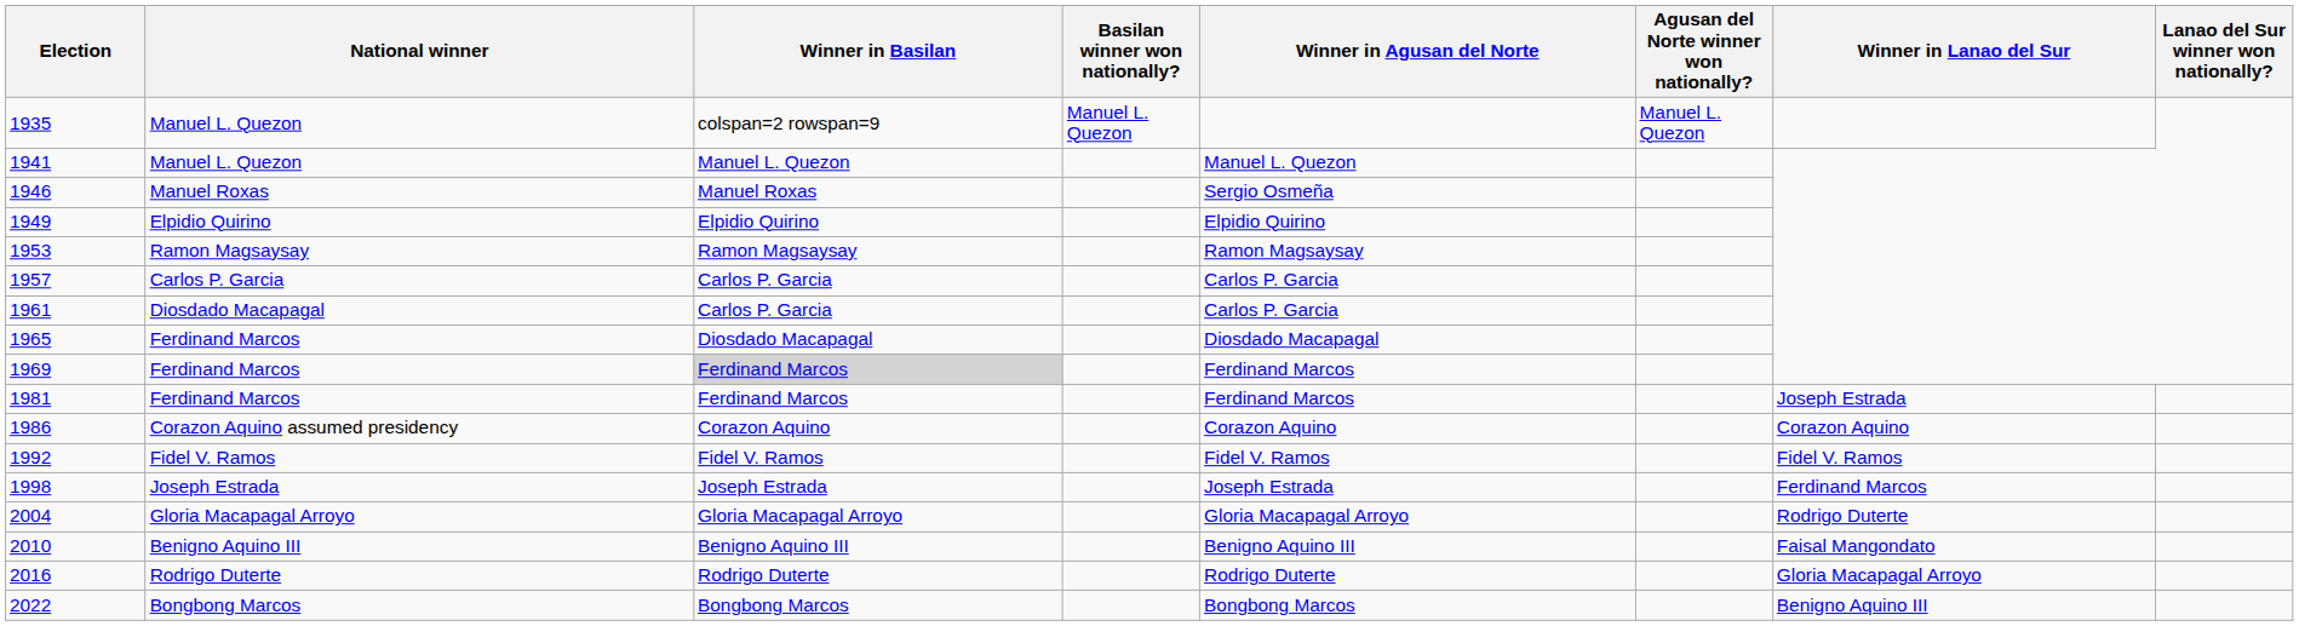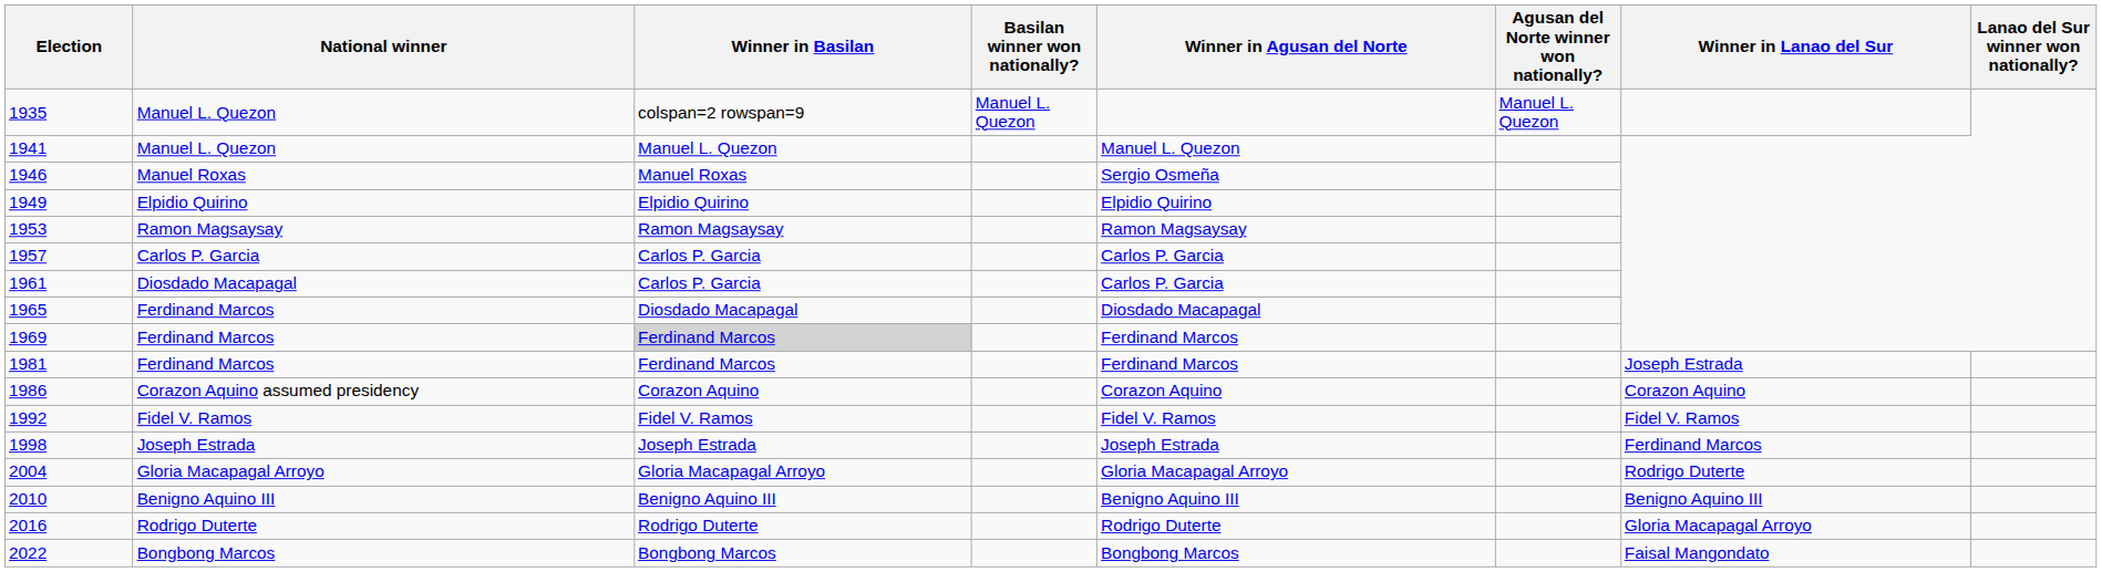 <table class="wikitable">
 <tr>
 <th>Election</th>
 <th>National winner</th>
 <th>Winner in <a href='#'>Basilan</a></th>
 <th width="6%">Basilan winner won nationally?</th>
 <th>Winner in <a href='#'>Agusan del Norte</a></th>
 <th width="6%">Agusan del Norte winner won nationally?</th>
 <th>Winner in <a href='#'>Lanao del Sur</a></th>
 <th width="6%">Lanao del Sur winner won nationally?</th>
 </tr>
 <tr>
 <td><a href='#'>1935</a></td>
 <td><a href='#'>Manuel L. Quezon</a></td>
 <td>colspan=2 rowspan=9 </td>
 <td><a href='#'>Manuel L. Quezon</a></td>
 <td></td>
 <td><a href='#'>Manuel L. Quezon</a></td>
 <td></td>
 </tr>
 <tr>
 <td><a href='#'>1941</a></td>
 <td><a href='#'>Manuel L. Quezon</a></td>
 <td><a href='#'>Manuel L. Quezon</a></td>
 <td></td>
 <td><a href='#'>Manuel L. Quezon</a></td>
 <td></td>
 </tr>
 <tr>
 <td><a href='#'>1946</a></td>
 <td><a href='#'>Manuel Roxas</a></td>
 <td><a href='#'>Manuel Roxas</a></td>
 <td></td>
 <td><a href='#'>Sergio Osmeña</a></td>
 <td></td>
 </tr>
 <tr>
 <td><a href='#'>1949</a></td>
 <td><a href='#'>Elpidio Quirino</a></td>
 <td><a href='#'>Elpidio Quirino</a></td>
 <td></td>
 <td><a href='#'>Elpidio Quirino</a></td>
 <td></td>
 </tr>
 <tr>
 <td><a href='#'>1953</a></td>
 <td><a href='#'>Ramon Magsaysay</a></td>
 <td><a href='#'>Ramon Magsaysay</a></td>
 <td></td>
 <td><a href='#'>Ramon Magsaysay</a></td>
 <td></td>
 </tr>
 <tr>
 <td><a href='#'>1957</a></td>
 <td><a href='#'>Carlos P. Garcia</a></td>
 <td><a href='#'>Carlos P. Garcia</a></td>
 <td></td>
 <td><a href='#'>Carlos P. Garcia</a></td>
 <td></td>
 </tr>
 <tr>
 <td><a href='#'>1961</a></td>
 <td><a href='#'>Diosdado Macapagal</a></td>
 <td><a href='#'>Carlos P. Garcia</a></td>
 <td></td>
 <td><a href='#'>Carlos P. Garcia</a></td>
 <td></td>
 </tr>
 <tr>
 <td><a href='#'>1965</a></td>
 <td><a href='#'>Ferdinand Marcos</a></td>
 <td><a href='#'>Diosdado Macapagal</a></td>
 <td></td>
 <td><a href='#'>Diosdado Macapagal</a></td>
 <td></td>
 </tr>
 <tr>
 <td><a href='#'>1969</a></td>
 <td><a href='#'>Ferdinand Marcos</a></td>
 <td style="background: lightgrey;"><a href='#'>Ferdinand Marcos</a></td>
 <td></td>
 <td><a href='#'>Ferdinand Marcos</a></td>
 <td></td>
 </tr>
 <tr>
 <td><a href='#'>1981</a></td>
 <td><a href='#'>Ferdinand Marcos</a></td>
 <td><a href='#'>Ferdinand Marcos</a></td>
 <td></td>
 <td><a href='#'>Ferdinand Marcos</a></td>
 <td></td>
 <td><a href='#'>Joseph Estrada</a></td>
 <td></td>
 </tr>
 <tr>
 <td><a href='#'>1986</a></td>
 <td><a href='#'>Corazon Aquino</a> assumed presidency</td>
 <td><a href='#'>Corazon Aquino</a></td>
 <td></td>
 <td><a href='#'>Corazon Aquino</a></td>
 <td></td>
 <td><a href='#'>Corazon Aquino</a></td>
 <td></td>
 </tr>
 <tr>
 <td><a href='#'>1992</a></td>
 <td><a href='#'>Fidel V. Ramos</a></td>
 <td><a href='#'>Fidel V. Ramos</a></td>
 <td></td>
 <td><a href='#'>Fidel V. Ramos</a></td>
 <td></td>
 <td><a href='#'>Fidel V. Ramos</a></td>
 <td></td>
 </tr>
 <tr>
 <td><a href='#'>1998</a></td>
 <td><a href='#'>Joseph Estrada</a></td>
 <td><a href='#'>Joseph Estrada</a></td>
 <td></td>
 <td><a href='#'>Joseph Estrada</a></td>
 <td></td>
 <td><a href='#'>Ferdinand Marcos</a></td>
 <td></td>
 </tr>
 <tr>
 <td><a href='#'>2004</a></td>
 <td><a href='#'>Gloria Macapagal Arroyo</a></td>
 <td><a href='#'>Gloria Macapagal Arroyo</a></td>
 <td></td>
 <td><a href='#'>Gloria Macapagal Arroyo</a></td>
 <td></td>
 <td><a href='#'>Rodrigo Duterte</a></td>
 <td></td>
 </tr>
 <tr>
 <td><a href='#'>2010</a></td>
 <td><a href='#'>Benigno Aquino III</a></td>
 <td><a href='#'>Benigno Aquino III</a></td>
 <td></td>
 <td><a href='#'>Benigno Aquino III</a></td>
 <td></td>
-<td><a href='#'>Faisal Mangondato</a></td>
+<td><a href='#'>Benigno Aquino III</a></td>
 <td></td>
 </tr>
 <tr>
 <td><a href='#'>2016</a></td>
 <td><a href='#'>Rodrigo Duterte</a></td>
 <td><a href='#'>Rodrigo Duterte</a></td>
 <td></td>
 <td><a href='#'>Rodrigo Duterte</a></td>
 <td></td>
 <td><a href='#'>Gloria Macapagal Arroyo</a></td>
 <td></td>
 </tr>
 <tr>
 <td><a href='#'>2022</a></td>
 <td><a href='#'>Bongbong Marcos</a></td>
 <td><a href='#'>Bongbong Marcos</a></td>
 <td></td>
 <td><a href='#'>Bongbong Marcos</a></td>
 <td></td>
-<td><a href='#'>Benigno Aquino III</a></td>
+<td><a href='#'>Faisal Mangondato</a></td>
 <td></td>
 </tr>
 </table>
